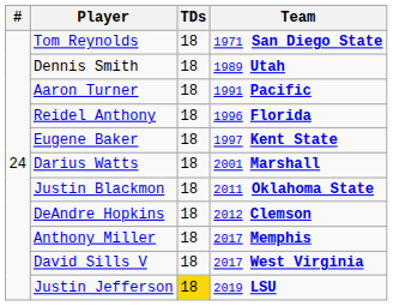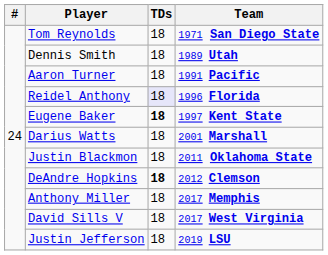 <table class="wikitable" style="font-size:90%; white-space: nowrap;">
 <tr>
 <th>#</th>
 <th>Player</th>
 <th>TDs</th>
 <th>Team</th>
 </tr>
 <tr>
 <td rowspan=12>24</td>
 <td><a href='#'>Tom Reynolds</a></td>
 <td>18</td>
 <td><small> <a href='#'>1971</a></small> <strong><a href='#'>San Diego State</a></strong></td>
 </tr>
 <tr>
 <td>Dennis Smith</td>
 <td>18</td>
 <td><small> <a href='#'>1989</a> </small>  <strong><a href='#'>Utah</a></strong></td>
 </tr>
 <tr>
 <td><a href='#'>Aaron Turner</a></td>
 <td>18</td>
 <td><small><a href='#'>1991</a> </small> <strong><a href='#'>Pacific</a></strong></td>
 </tr>
 <tr>
 <td><a href='#'>Reidel Anthony</a></td>
-<td>18</td>
+<td style="background: lavender;">18</td>
 <td><small> <a href='#'>1996</a> </small> <strong><a href='#'>Florida</a></strong></td>
 </tr>
 <tr>
 <td><a href='#'>Eugene Baker</a></td>
-<td>18</td>
+<td><strong>18</strong></td>
 <td><small> <a href='#'>1997</a> </small>  <strong><a href='#'>Kent State</a></strong></td>
 </tr>
 <tr>
 <td><a href='#'>Darius Watts</a></td>
 <td>18</td>
 <td><small> <a href='#'>2001</a> </small> <strong><a href='#'>Marshall</a></strong></td>
 </tr>
 <tr>
 <td><a href='#'>Justin Blackmon</a></td>
 <td>18</td>
 <td><small> <a href='#'>2011</a></small> <strong><a href='#'>Oklahoma State</a></strong></td>
 </tr>
 <tr>
 <td><a href='#'>DeAndre Hopkins</a></td>
-<td>18</td>
+<td><strong>18</strong></td>
 <td><small> <a href='#'>2012</a> </small> <strong><a href='#'>Clemson</a></strong></td>
 </tr>
 <tr>
 <td><a href='#'>Anthony Miller</a></td>
 <td>18</td>
 <td><small><a href='#'>2017</a> </small> <strong><a href='#'>Memphis</a></strong></td>
 </tr>
 <tr>
 <td><a href='#'>David Sills V</a></td>
 <td>18</td>
 <td><small> <a href='#'>2017</a> </small> <strong><a href='#'>West Virginia</a></strong></td>
 </tr>
 <tr>
 <td><a href='#'>Justin Jefferson</a></td>
-<td style="background: gold;">18</td>
+<td>18</td>
 <td><small> <a href='#'>2019</a> </small> <strong><a href='#'>LSU</a></strong></td>
 </tr>
 </table>
